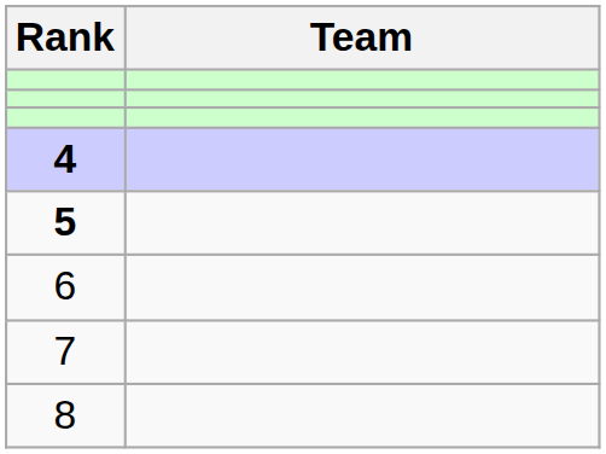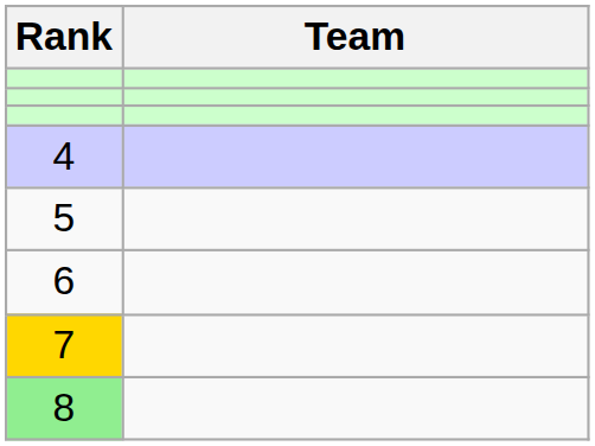 <table class=wikitable style="text-align:center;">
 <tr>
 <th>Rank</th>
 <th width=180>Team</th>
 </tr>
 <tr bgcolor=ccffcc>
 <td></td>
 <td align=left></td>
 </tr>
 <tr bgcolor=ccffcc>
 <td></td>
 <td align=left></td>
 </tr>
 <tr bgcolor=ccffcc>
 <td></td>
 <td align=left></td>
 </tr>
 <tr bgcolor=ccccff>
-<td><strong>4</strong></td>
+<td>4</td>
 <td align=left></td>
 </tr>
 <tr>
-<td><strong>5</strong></td>
+<td>5</td>
 <td align=left></td>
 </tr>
 <tr>
 <td>6</td>
 <td align=left></td>
 </tr>
 <tr>
-<td>7</td>
+<td style="background: gold;">7</td>
 <td align=left></td>
 </tr>
 <tr>
-<td>8</td>
+<td style="background: lightgreen;">8</td>
 <td align=left></td>
 </tr>
 </table>
